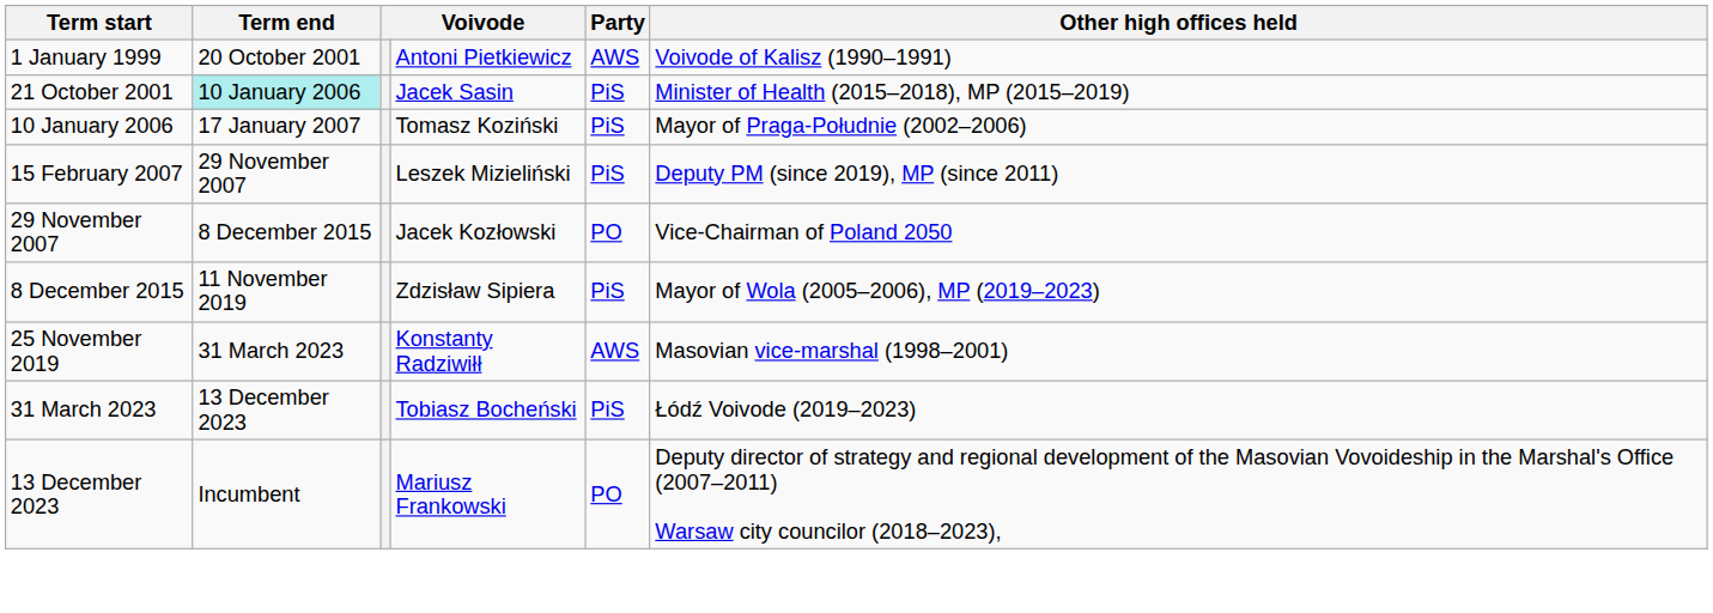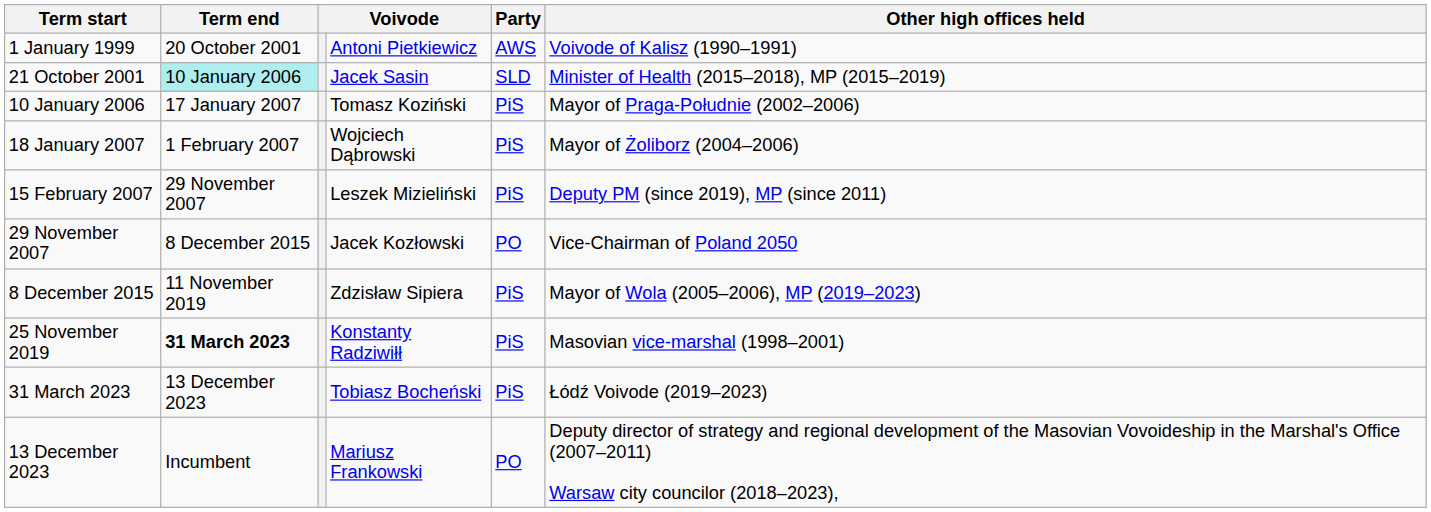 <table class="wikitable">
 <tr>
 <th>Term start</th>
 <th>Term end</th>
 <th colspan="2">Voivode</th>
 <th>Party</th>
 <th>Other high offices held</th>
 </tr>
 <tr>
 <td>1 January 1999</td>
 <td>20 October 2001</td>
 <th style="background:"></th>
 <td><a href='#'>Antoni Pietkiewicz</a></td>
 <td><a href='#'>AWS</a></td>
 <td><a href='#'>Voivode of Kalisz</a> (1990–1991)</td>
 </tr>
 <tr>
 <td>21 October 2001</td>
 <td style="background: paleturquoise;">10 January 2006</td>
 <th style="background:"></th>
 <td><a href='#'>Jacek Sasin</a></td>
-<td><a href='#'>PiS</a></td>
+<td><a href='#'>SLD</a></td>
 <td><a href='#'>Minister of Health</a> (2015–2018), MP (2015–2019)</td>
 </tr>
 <tr>
 <td>10 January 2006</td>
 <td>17 January 2007</td>
 <th style="background:"></th>
 <td>Tomasz Koziński</td>
 <td><a href='#'>PiS</a></td>
 <td>Mayor of <a href='#'>Praga-Południe</a> (2002–2006)</td>
+</tr>
+<tr>
+<td>18 January 2007</td>
+<td>1 February 2007</td>
+<th style="background:"></th>
+<td>Wojciech Dąbrowski</td>
+<td><a href='#'>PiS</a></td>
+<td>Mayor of <a href='#'>Żoliborz</a> (2004–2006)</td>
 </tr>
 <tr>
 <td>15 February 2007</td>
 <td>29 November 2007</td>
 <th style="background:"></th>
 <td>Leszek Mizieliński</td>
 <td><a href='#'>PiS</a></td>
 <td><a href='#'>Deputy PM</a> (since 2019), <a href='#'>MP</a> (since 2011)</td>
 </tr>
 <tr>
 <td>29 November 2007</td>
 <td>8 December 2015</td>
 <th style="background:"></th>
 <td>Jacek Kozłowski</td>
 <td><a href='#'>PO</a></td>
 <td>Vice-Chairman of <a href='#'>Poland 2050</a></td>
 </tr>
 <tr>
 <td>8 December 2015</td>
 <td>11 November 2019</td>
 <th style="background:"></th>
 <td>Zdzisław Sipiera</td>
 <td><a href='#'>PiS</a></td>
 <td>Mayor of <a href='#'>Wola</a> (2005–2006), <a href='#'>MP</a> (<a href='#'>2019–2023</a>)</td>
 </tr>
 <tr>
 <td>25 November 2019</td>
-<td>31 March 2023</td>
+<td><strong>31 March 2023</strong></td>
 <th style="background:"></th>
 <td><a href='#'>Konstanty Radziwiłł</a></td>
-<td><a href='#'>AWS</a></td>
+<td><a href='#'>PiS</a></td>
 <td>Masovian <a href='#'>vice-marshal</a> (1998–2001)</td>
 </tr>
 <tr>
 <td>31 March 2023</td>
 <td>13 December 2023</td>
 <th style="background:"></th>
 <td><a href='#'>Tobiasz Bocheński</a></td>
 <td><a href='#'>PiS</a></td>
 <td>Łódź Voivode (2019–2023)</td>
 </tr>
 <tr>
 <td>13 December 2023</td>
 <td>Incumbent</td>
 <th style="background:"></th>
 <td><a href='#'>Mariusz Frankowski</a></td>
 <td><a href='#'>PO</a></td>
 <td>Deputy director of strategy and regional development of the Masovian Vovoideship in the Marshal's Office (2007–2011)<br><br> <a href='#'>Warsaw</a> city councilor (2018–2023),</td>
 </tr>
 </table>
